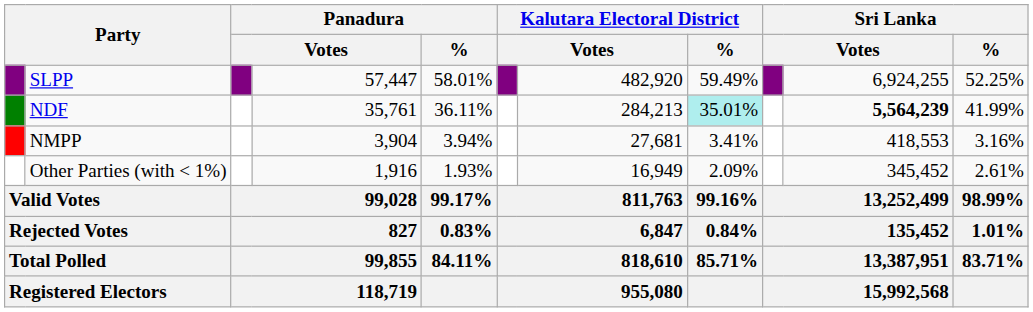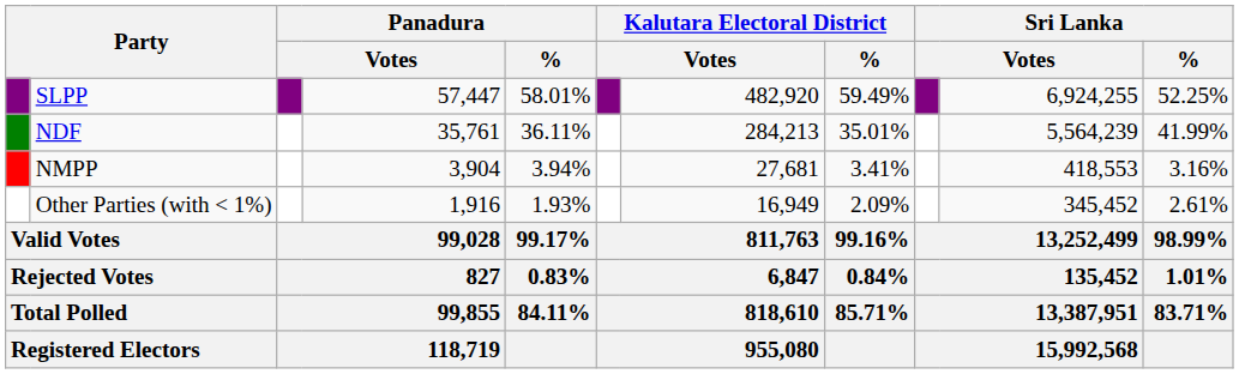 <table class="wikitable">
 <tr>
 <th colspan="2" width="144px"rowspan="2">Party</th>
 <th colspan="3" width="216px">Panadura</th>
 <th colspan="3" width="216px"><a href='#'>Kalutara Electoral District</a></th>
 <th colspan="3" width="216px">Sri Lanka</th>
 </tr>
 <tr>
 <th colspan="2" width="144px">Votes</th>
 <th>%</th>
 <th colspan="2" width="144px">Votes</th>
 <th>%</th>
 <th colspan="2" width="144px">Votes</th>
 <th>%</th>
 </tr>
 <tr>
 <td style="background-color:purple;" width="10px"></td>
 <td style="text-align:left;"><a href='#'>SLPP</a></td>
 <td style="background-color:purple;" width="10px"></td>
 <td style="text-align:right;">57,447</td>
 <td style="text-align:right;">58.01%</td>
 <td style="background-color:purple;" width="10px"></td>
 <td style="text-align:right;">482,920</td>
 <td style="text-align:right;">59.49%</td>
 <td style="background-color:purple;" width="10px"></td>
 <td style="text-align:right;">6,924,255</td>
 <td style="text-align:right;">52.25%</td>
 </tr>
 <tr>
 <td style="background-color:green;" width="10px"></td>
 <td style="text-align:left;"><a href='#'>NDF</a></td>
 <td style="background-color:white;" width="10px"></td>
 <td style="text-align:right;">35,761</td>
 <td style="text-align:right;">36.11%</td>
 <td style="background-color:white;" width="10px"></td>
 <td style="text-align:right;">284,213</td>
-<td style="background: paleturquoise; text-align:right;">35.01%</td>
+<td style="text-align:right;">35.01%</td>
 <td style="background-color:white;" width="10px"></td>
-<td style="text-align:right;"><strong>5,564,239</strong></td>
+<td style="text-align:right;">5,564,239</td>
 <td style="text-align:right;">41.99%</td>
 </tr>
 <tr>
 <td style="background-color:red;" width="10px"></td>
 <td style="text-align:left;">NMPP</td>
 <td style="background-color:white;" width="10px"></td>
 <td style="text-align:right;">3,904</td>
 <td style="text-align:right;">3.94%</td>
 <td style="background-color:white;" width="10px"></td>
 <td style="text-align:right;">27,681</td>
 <td style="text-align:right;">3.41%</td>
 <td style="background-color:white;" width="10px"></td>
 <td style="text-align:right;">418,553</td>
 <td style="text-align:right;">3.16%</td>
 </tr>
 <tr>
 <td style="background-color:white;" width="10px"></td>
 <td style="text-align:left;">Other Parties (with < 1%)</td>
 <td style="background-color:white;" width="10px"></td>
 <td style="text-align:right;">1,916</td>
 <td style="text-align:right;">1.93%</td>
 <td style="background-color:white;" width="10px"></td>
 <td style="text-align:right;">16,949</td>
 <td style="text-align:right;">2.09%</td>
 <td style="background-color:white;" width="10px"></td>
 <td style="text-align:right;">345,452</td>
 <td style="text-align:right;">2.61%</td>
 </tr>
 <tr>
 <th colspan="2" width="144px"style="text-align:left;">Valid Votes</th>
 <th style="text-align:right;"colspan="2" width="144px">99,028</th>
 <th style="text-align:right;">99.17%</th>
 <th style="text-align:right;"colspan="2" width="144px">811,763</th>
 <th style="text-align:right;">99.16%</th>
 <th style="text-align:right;"colspan="2" width="144px">13,252,499</th>
 <th style="text-align:right;">98.99%</th>
 </tr>
 <tr>
 <th colspan="2" width="144px"style="text-align:left;">Rejected Votes</th>
 <th style="text-align:right;"colspan="2" width="144px">827</th>
 <th style="text-align:right;">0.83%</th>
 <th style="text-align:right;"colspan="2" width="144px">6,847</th>
 <th style="text-align:right;">0.84%</th>
 <th style="text-align:right;"colspan="2" width="144px">135,452</th>
 <th style="text-align:right;">1.01%</th>
 </tr>
 <tr>
 <th colspan="2" width="144px"style="text-align:left;">Total Polled</th>
 <th style="text-align:right;"colspan="2" width="144px">99,855</th>
 <th style="text-align:right;">84.11%</th>
 <th style="text-align:right;"colspan="2" width="144px">818,610</th>
 <th style="text-align:right;">85.71%</th>
 <th style="text-align:right;"colspan="2" width="144px">13,387,951</th>
 <th style="text-align:right;">83.71%</th>
 </tr>
 <tr>
 <th colspan="2" width="144px"style="text-align:left;">Registered Electors</th>
 <th style="text-align:right;"colspan="2" width="144px">118,719</th>
 <th></th>
 <th style="text-align:right;"colspan="2" width="144px">955,080</th>
 <th></th>
 <th style="text-align:right;"colspan="2" width="144px">15,992,568</th>
 <th></th>
 </tr>
 </table>
